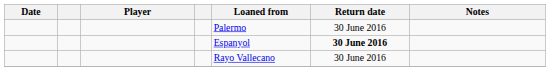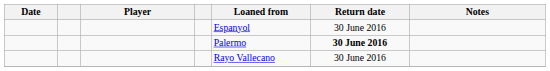 <table class="wikitable sortable">
 <tr>
 <th style="width:80px;">Date</th>
 <th style="width:30px;"></th>
 <th style="width:180px;">Player</th>
 <th style="width:20px;"></th>
 <th style="width:155px;">Loaned from</th>
 <th style="width:155px;" class="unsortable">Return date</th>
 <th style="width:215px;" class="unsortable">Notes</th>
 </tr>
 <tr>
 <td></td>
 <td align=center></td>
 <td> </td>
 <td></td>
-<td> <a href='#'>Palermo</a></td>
+<td> <a href='#'>Espanyol</a></td>
 <td align=center>30 June 2016</td>
 <td align=center></td>
 </tr>
 <tr>
 <td></td>
 <td align=center></td>
 <td> </td>
 <td></td>
-<td> <a href='#'>Espanyol</a></td>
+<td> <a href='#'>Palermo</a></td>
 <td align=center><strong>30 June 2016</strong></td>
 <td align=center></td>
 </tr>
 <tr>
 <td></td>
 <td align=center></td>
 <td> </td>
 <td></td>
 <td> <a href='#'>Rayo Vallecano</a></td>
 <td align=center>30 June 2016</td>
 <td align=center></td>
 </tr>
 <tr>
 </tr>
 </table>
